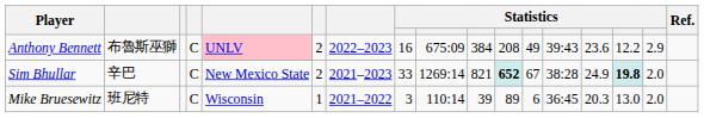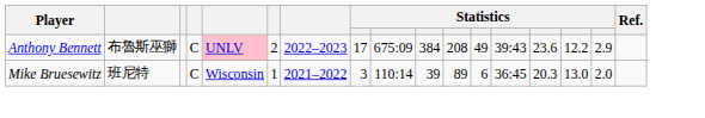 <table class="wikitable sortable" style="font-size:95%; text-align:right;">
 <tr>
 <th rowspan="2">Player</th>
 <th rowspan="2"></th>
 <th rowspan="2"></th>
 <th rowspan="2"></th>
 <th rowspan="2"></th>
 <th rowspan="2"></th>
 <th rowspan="2"></th>
 <th colspan="9">Statistics</th>
 <th rowspan="2">Ref.</th>
 </tr>
 <tr>
 <th></th>
 <th></th>
 <th></th>
 <th></th>
 <th></th>
 <th></th>
 <th></th>
 <th></th>
 <th></th>
 </tr>
 <tr>
 <td align="left"><em><a href='#'>Anthony Bennett</a></em></td>
 <td align="left">布魯斯巫獅</td>
 <td align="center"></td>
 <td align="center">C</td>
 <td align="left" style="background: pink;"><a href='#'>UNLV</a></td>
 <td align="center">2</td>
 <td align="center"><a href='#'>2022–2023</a></td>
-<td>16</td>
+<td>17</td>
 <td>675:09</td>
 <td>384</td>
 <td>208</td>
 <td>49</td>
 <td>39:43</td>
 <td>23.6</td>
 <td>12.2</td>
 <td>2.9</td>
-<td align="center"></td>
-</tr>
-<tr>
-<td align="left"><em><a href='#'>Sim Bhullar</a></em></td>
-<td align="left">辛巴</td>
-<td align="center"></td>
-<td align="center">C</td>
-<td align="left"><a href='#'>New Mexico State</a></td>
-<td align="center">2</td>
-<td align="center"><a href='#'>2021</a>–<a href='#'>2023</a></td>
-<td>33</td>
-<td>1269:14</td>
-<td>821</td>
-<td bgcolor="#CFECEC"><strong>652</strong></td>
-<td>67</td>
-<td>38:28</td>
-<td>24.9</td>
-<td bgcolor="#CFECEC"><strong>19.8</strong></td>
-<td>2.0</td>
 <td align="center"></td>
 </tr>
 <tr>
 <td align="left"><em>Mike Bruesewitz</em></td>
 <td align="left">班尼特</td>
 <td align="center"></td>
 <td align="center">C</td>
 <td align="left"><a href='#'>Wisconsin</a></td>
 <td align="center">1</td>
 <td align="center"><a href='#'>2021–2022</a></td>
 <td>3</td>
 <td>110:14</td>
 <td>39</td>
 <td>89</td>
 <td>6</td>
 <td>36:45</td>
 <td>20.3</td>
 <td>13.0</td>
 <td>2.0</td>
 <td align="center"></td>
 </tr>
 </table>
